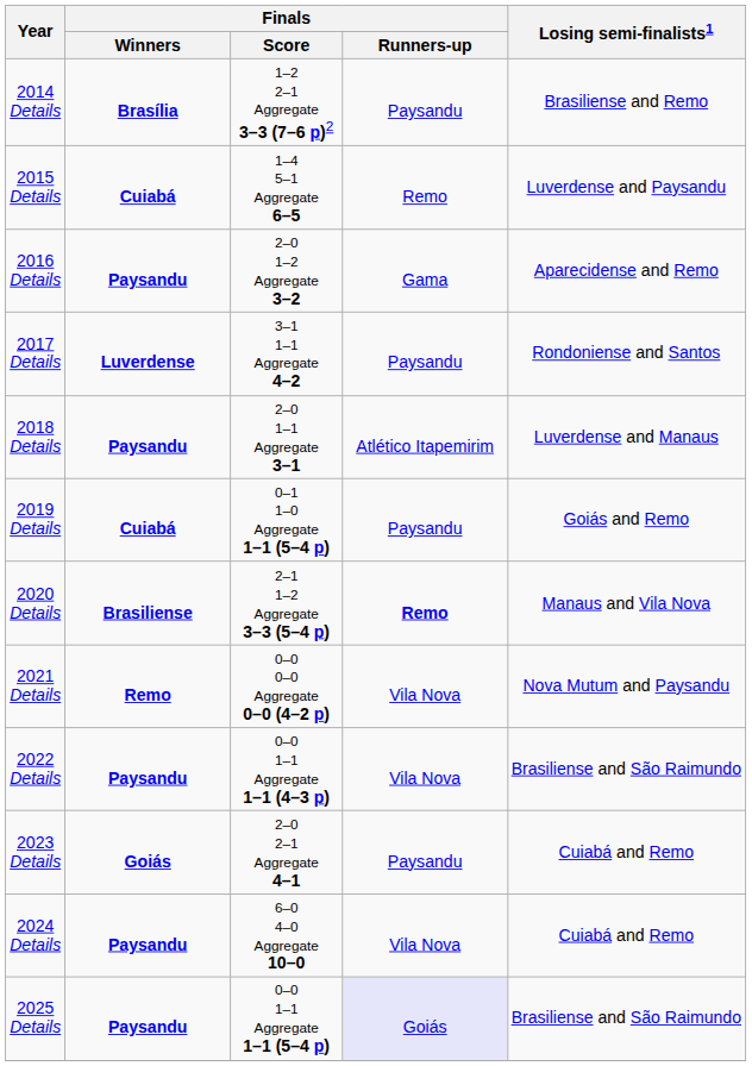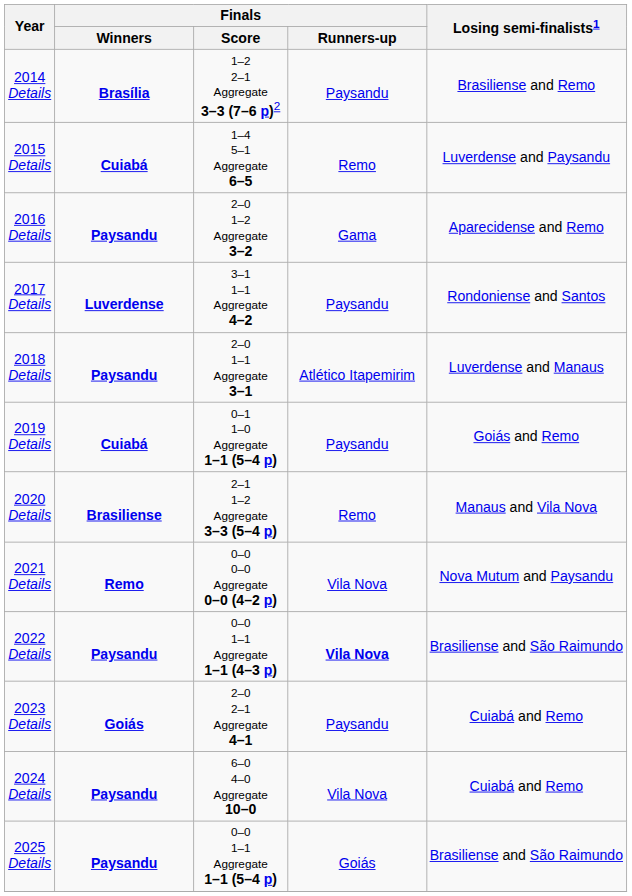 <table class="wikitable" style="text-align: center;">
 <tr>
 <th rowspan=2 width=50>Year</th>
 <th colspan=3>Finals</th>
 <th colspan=3 rowspan=2 width=200>Losing semi-finalists<sup><a href='#'>1</a></sup></th>
 </tr>
 <tr>
 <th width=150>Winners</th>
 <th width=100>Score</th>
 <th width=150>Runners-up</th>
 </tr>
 <tr>
 <td><a href='#'>2014</a><br><a href='#'><em>Details</em></a></td>
 <td><strong><br><a href='#'>Brasília</a></strong></td>
 <td><small>1–2<br>2–1<br>Aggregate</small><br><strong>3–3 (7–6 <a href='#'>p</a>)</strong><sup><a href='#'>2</a></sup></td>
 <td><br><a href='#'>Paysandu</a></td>
 <td colspan="3"> <a href='#'>Brasiliense</a> and  <a href='#'>Remo</a></td>
 </tr>
 <tr>
 <td><a href='#'>2015</a><br><a href='#'><em>Details</em></a></td>
 <td><strong><br><a href='#'>Cuiabá</a></strong></td>
 <td><small>1–4<br>5–1<br>Aggregate</small><br><strong>6–5</strong></td>
 <td><br><a href='#'>Remo</a></td>
 <td colspan="3"> <a href='#'>Luverdense</a> and  <a href='#'>Paysandu</a></td>
 </tr>
 <tr>
 <td><a href='#'>2016</a><br><a href='#'><em>Details</em></a></td>
 <td><strong><br><a href='#'>Paysandu</a></strong></td>
 <td><small>2–0<br>1–2<br>Aggregate</small><br><strong>3–2</strong></td>
 <td><br><a href='#'>Gama</a></td>
 <td colspan="3"> <a href='#'>Aparecidense</a> and  <a href='#'>Remo</a></td>
 </tr>
 <tr>
 <td><a href='#'>2017</a><br><a href='#'><em>Details</em></a></td>
 <td><strong><br><a href='#'>Luverdense</a></strong></td>
 <td><small>3–1<br>1–1<br>Aggregate</small><br><strong>4–2</strong></td>
 <td><br><a href='#'>Paysandu</a></td>
 <td colspan="3"> <a href='#'>Rondoniense</a> and  <a href='#'>Santos</a></td>
 </tr>
 <tr>
 <td><a href='#'>2018</a><br><a href='#'><em>Details</em></a></td>
 <td><strong><br><a href='#'>Paysandu</a></strong></td>
 <td><small>2–0<br>1–1<br>Aggregate</small><br><strong>3–1</strong></td>
 <td><br><a href='#'>Atlético Itapemirim</a></td>
 <td colspan="3"> <a href='#'>Luverdense</a> and  <a href='#'>Manaus</a></td>
 </tr>
 <tr>
 <td><a href='#'>2019</a><br><a href='#'><em>Details</em></a></td>
 <td><strong><br><a href='#'>Cuiabá</a></strong></td>
 <td><small>0–1<br>1–0<br>Aggregate</small><br><strong>1–1 (5–4 <a href='#'>p</a>)</strong></td>
 <td><br><a href='#'>Paysandu</a></td>
 <td colspan="3"> <a href='#'>Goiás</a> and  <a href='#'>Remo</a></td>
 </tr>
 <tr>
 <td><a href='#'>2020</a><br><a href='#'><em>Details</em></a></td>
 <td><strong><br><a href='#'>Brasiliense</a></strong></td>
 <td><small>2–1<br>1–2<br>Aggregate</small><br><strong>3–3 (5–4 <a href='#'>p</a>)</strong></td>
-<td><strong><br><a href='#'>Remo</a></strong></td>
+<td><br><a href='#'>Remo</a></td>
 <td colspan="3"> <a href='#'>Manaus</a> and  <a href='#'>Vila Nova</a></td>
 </tr>
 <tr>
 <td><a href='#'>2021</a><br><a href='#'><em>Details</em></a></td>
 <td><strong><br><a href='#'>Remo</a></strong></td>
 <td><small>0–0<br>0–0<br>Aggregate</small><br><strong>0–0 (4–2 <a href='#'>p</a>)</strong></td>
 <td><br><a href='#'>Vila Nova</a></td>
 <td colspan="3"> <a href='#'>Nova Mutum</a> and  <a href='#'>Paysandu</a></td>
 </tr>
 <tr>
 <td><a href='#'>2022</a><br><a href='#'><em>Details</em></a></td>
 <td><strong><br><a href='#'>Paysandu</a></strong></td>
 <td><small>0–0<br>1–1<br>Aggregate</small><br><strong>1–1 (4–3 <a href='#'>p</a>)</strong></td>
-<td><br><a href='#'>Vila Nova</a></td>
+<td><strong><br><a href='#'>Vila Nova</a></strong></td>
 <td colspan="3"> <a href='#'>Brasiliense</a> and  <a href='#'>São Raimundo</a></td>
 </tr>
 <tr>
 <td><a href='#'>2023</a><br><a href='#'><em>Details</em></a></td>
 <td><strong><br><a href='#'>Goiás</a></strong></td>
 <td><small>2–0<br>2–1<br>Aggregate</small><br><strong>4–1</strong></td>
 <td><br><a href='#'>Paysandu</a></td>
 <td colspan="3"> <a href='#'>Cuiabá</a> and  <a href='#'>Remo</a></td>
 </tr>
 <tr>
 <td><a href='#'>2024</a><br><a href='#'><em>Details</em></a></td>
 <td><strong><br><a href='#'>Paysandu</a></strong></td>
 <td><small>6–0<br>4–0<br>Aggregate</small><br><strong>10–0</strong></td>
 <td><br><a href='#'>Vila Nova</a></td>
 <td colspan="3"> <a href='#'>Cuiabá</a> and  <a href='#'>Remo</a></td>
 </tr>
 <tr>
 <td><a href='#'>2025</a><br><a href='#'><em>Details</em></a></td>
 <td><strong><br><a href='#'>Paysandu</a></strong></td>
 <td><small>0–0<br>1–1<br>Aggregate</small><br><strong>1–1 (5–4 <a href='#'>p</a>)</strong></td>
-<td style="background: lavender;"><br><a href='#'>Goiás</a></td>
+<td><br><a href='#'>Goiás</a></td>
 <td colspan="3"> <a href='#'>Brasiliense</a> and  <a href='#'>São Raimundo</a></td>
 </tr>
 <tr>
 </tr>
 </table>
